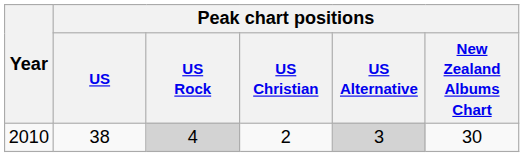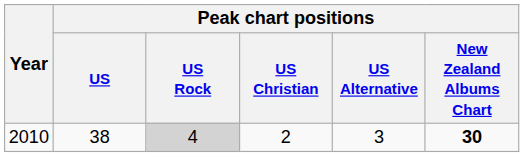 <table class="wikitable">
 <tr>
 <th rowspan="2">Year</th>
 <th colspan="5">Peak chart positions</th>
 </tr>
 <tr>
 <th style="width:75px;"><small><a href='#'>US</a><br></small></th>
 <th style="width:75px;"><small><a href='#'>US<br>Rock</a></small></th>
 <th style="width:75px;"><small><a href='#'>US<br>Christian</a></small></th>
 <th style="width:75px;"><small><a href='#'>US<br>Alternative</a></small></th>
 <th style="width:75px;"><small><a href='#'>New Zealand Albums Chart</a></small></th>
 </tr>
 <tr>
 <td>2010</td>
 <td style="text-align:center;">38</td>
 <td style="background: lightgrey; text-align:center;">4</td>
 <td style="text-align:center;">2</td>
-<td style="background: lightgrey; text-align:center;">3</td>
-<td style="text-align:center;">30</td>
+<td style="text-align:center;">3</td>
+<td style="text-align:center;"><strong>30</strong></td>
 </tr>
 </table>
